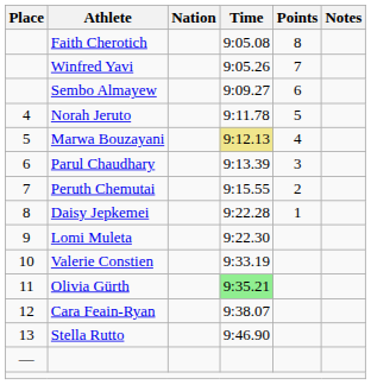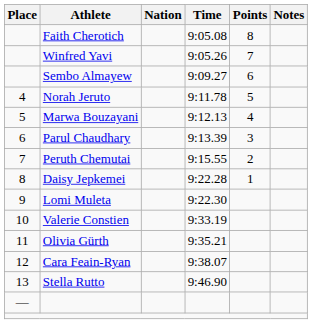 <table class="wikitable mw-datatable sortable" style="text-align:center;">
 <tr>
 <th scope="col">Place</th>
 <th scope="col">Athlete</th>
 <th scope="col">Nation</th>
 <th scope="col">Time</th>
 <th scope="col">Points</th>
 <th scope="col">Notes</th>
 </tr>
 <tr>
 <td></td>
 <td align="left"><a href='#'>Faith Cherotich</a></td>
 <td align="left"></td>
 <td>9:05.08</td>
 <td>8</td>
 <td></td>
 </tr>
 <tr>
 <td></td>
 <td align="left"><a href='#'>Winfred Yavi</a></td>
 <td align="left"></td>
 <td>9:05.26</td>
 <td>7</td>
 <td></td>
 </tr>
 <tr>
 <td></td>
 <td align="left"><a href='#'>Sembo Almayew</a></td>
 <td align="left"></td>
 <td>9:09.27</td>
 <td>6</td>
 <td></td>
 </tr>
 <tr>
 <td>4</td>
 <td align="left"><a href='#'>Norah Jeruto</a></td>
 <td align="left"></td>
 <td>9:11.78</td>
 <td>5</td>
 <td></td>
 </tr>
 <tr>
 <td>5</td>
 <td align="left"><a href='#'>Marwa Bouzayani</a></td>
 <td align="left"></td>
-<td style="background: khaki;">9:12.13</td>
+<td>9:12.13</td>
 <td>4</td>
 <td></td>
 </tr>
 <tr>
 <td>6</td>
 <td align="left"><a href='#'>Parul Chaudhary</a></td>
 <td align="left"></td>
 <td>9:13.39</td>
 <td>3</td>
 <td></td>
 </tr>
 <tr>
 <td>7</td>
 <td align="left"><a href='#'>Peruth Chemutai</a></td>
 <td align="left"></td>
 <td>9:15.55</td>
 <td>2</td>
 <td></td>
 </tr>
 <tr>
 <td>8</td>
 <td align="left"><a href='#'>Daisy Jepkemei</a></td>
 <td align="left"></td>
 <td>9:22.28</td>
 <td>1</td>
 <td></td>
 </tr>
 <tr>
 <td>9</td>
 <td align="left"><a href='#'>Lomi Muleta</a></td>
 <td align="left"></td>
 <td>9:22.30</td>
 <td></td>
 <td></td>
 </tr>
 <tr>
 <td>10</td>
 <td align="left"><a href='#'>Valerie Constien</a></td>
 <td align="left"></td>
 <td>9:33.19</td>
 <td></td>
 <td></td>
 </tr>
 <tr>
 <td>11</td>
 <td align="left"><a href='#'>Olivia Gürth</a></td>
 <td align="left"></td>
-<td style="background: lightgreen;">9:35.21</td>
+<td>9:35.21</td>
 <td></td>
 <td></td>
 </tr>
 <tr>
 <td>12</td>
 <td align="left"><a href='#'>Cara Feain-Ryan</a></td>
 <td align="left"></td>
 <td>9:38.07</td>
 <td></td>
 <td></td>
 </tr>
 <tr>
 <td>13</td>
 <td align="left"><a href='#'>Stella Rutto</a></td>
 <td align="left"></td>
 <td>9:46.90</td>
 <td></td>
 <td></td>
 </tr>
 <tr>
 <td>—</td>
 <td align="left"></td>
 <td align="left"></td>
 <td></td>
 <td></td>
 <td></td>
 </tr>
 <tr class="sortbottom">
 <td colspan="6"></td>
 </tr>
 </table>
